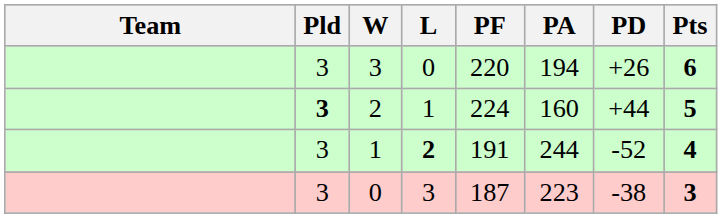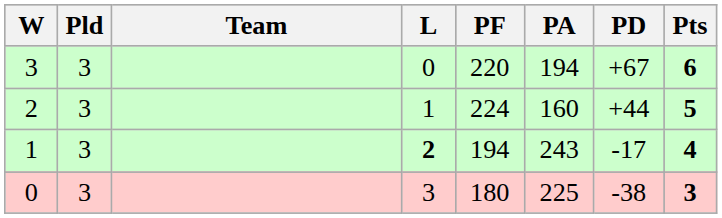 <table class="wikitable" style="text-align:center;">
 <tr>
+<th width=25>W</th>
+<th width=25>Pld</th>
 <th width=170>Team</th>
-<th width=25>Pld</th>
-<th width=25>W</th>
 <th width=25>L</th>
 <th width=35>PF</th>
 <th width=35>PA</th>
 <th width=35>PD</th>
 <th width=25>Pts</th>
 </tr>
 <tr bgcolor="#ccffcc">
-<td align="left"></td>
 <td>3</td>
 <td>3</td>
+<td align="left"></td>
 <td>0</td>
 <td>220</td>
 <td>194</td>
-<td>+26</td>
+<td>+67</td>
 <td><strong>6</strong></td>
 </tr>
 <tr bgcolor="#ccffcc">
+<td>2</td>
+<td>3</td>
 <td align="left"></td>
-<td><strong>3</strong></td>
-<td>2</td>
 <td>1</td>
 <td>224</td>
 <td>160</td>
 <td>+44</td>
 <td><strong>5</strong></td>
 </tr>
 <tr bgcolor="#ccffcc">
+<td>1</td>
+<td>3</td>
 <td align="left"></td>
-<td>3</td>
-<td>1</td>
 <td><strong>2</strong></td>
-<td>191</td>
-<td>244</td>
-<td>-52</td>
+<td>194</td>
+<td>243</td>
+<td>-17</td>
 <td><strong>4</strong></td>
 </tr>
 <tr bgcolor=ffcccc>
+<td>0</td>
+<td>3</td>
 <td align="left"></td>
 <td>3</td>
-<td>0</td>
-<td>3</td>
-<td>187</td>
-<td>223</td>
+<td>180</td>
+<td>225</td>
 <td>-38</td>
 <td><strong>3</strong></td>
 </tr>
 </table>
